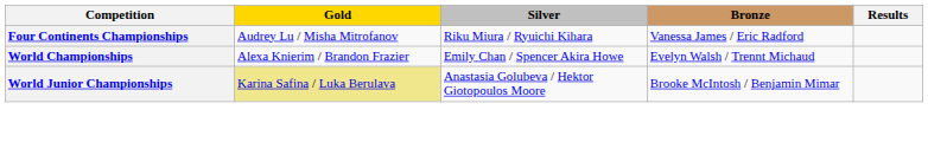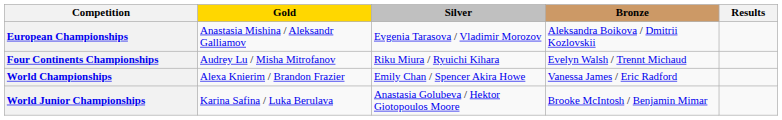 <table class="wikitable unsortable" style="text-align:left; width:90%">
 <tr>
 <th scope="col" style="text-align:center; width:25%;">Competition</th>
 <td scope="col" style="text-align:center; width:22.5%; background:gold"><strong>Gold</strong></td>
 <td scope="col" style="text-align:center; width:22.5%; background:silver"><strong>Silver</strong></td>
 <td scope="col" style="text-align:center; width:22.5%; background:#c96"><strong>Bronze</strong></td>
 <th scope="col" style="text-align:center; width:7.5%;">Results</th>
 </tr>
 <tr>
+<th scope="row" style="text-align:left"> <a href='#'>European Championships</a></th>
+<td> <a href='#'>Anastasia Mishina</a> / <a href='#'>Aleksandr Galliamov</a></td>
+<td> <a href='#'>Evgenia Tarasova</a> / <a href='#'>Vladimir Morozov</a></td>
+<td> <a href='#'>Aleksandra Boikova</a> / <a href='#'>Dmitrii Kozlovskii</a></td>
+<td></td>
+</tr>
+<tr>
 <th scope="row" style="text-align:left"> <a href='#'>Four Continents Championships</a></th>
 <td> <a href='#'>Audrey Lu</a> / <a href='#'>Misha Mitrofanov</a></td>
 <td> <a href='#'>Riku Miura</a> / <a href='#'>Ryuichi Kihara</a></td>
-<td> <a href='#'>Vanessa James</a> / <a href='#'>Eric Radford</a></td>
+<td> <a href='#'>Evelyn Walsh</a> / <a href='#'>Trennt Michaud</a></td>
 <td></td>
 </tr>
 <tr>
 <th scope="row" style="text-align:left"> <a href='#'>World Championships</a></th>
 <td> <a href='#'>Alexa Knierim</a> / <a href='#'>Brandon Frazier</a></td>
 <td> <a href='#'>Emily Chan</a> / <a href='#'>Spencer Akira Howe</a></td>
-<td> <a href='#'>Evelyn Walsh</a> / <a href='#'>Trennt Michaud</a></td>
+<td> <a href='#'>Vanessa James</a> / <a href='#'>Eric Radford</a></td>
 <td></td>
 </tr>
 <tr>
 <th scope="row" style="text-align:left"> <a href='#'>World Junior Championships</a></th>
-<td style="background: khaki;"> <a href='#'>Karina Safina</a> / <a href='#'>Luka Berulava</a></td>
+<td> <a href='#'>Karina Safina</a> / <a href='#'>Luka Berulava</a></td>
 <td> <a href='#'>Anastasia Golubeva</a> / <a href='#'>Hektor Giotopoulos Moore</a></td>
 <td> <a href='#'>Brooke McIntosh</a> / <a href='#'>Benjamin Mimar</a></td>
 <td></td>
 </tr>
 </table>
